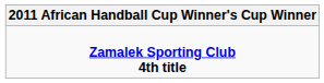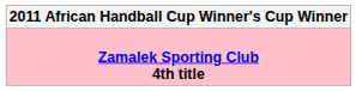 <table class=wikitable style="text-align:center; margin:auto">
 <tr>
 <th>2011 African Handball Cup Winner's Cup Winner</th>
 </tr>
 <tr>
-<td><br><strong><a href='#'>Zamalek Sporting Club</a></strong><br><strong>4th title</strong></td>
+<td style="background: pink;"><br><strong><a href='#'>Zamalek Sporting Club</a></strong><br><strong>4th title</strong></td>
 </tr>
 </table>
